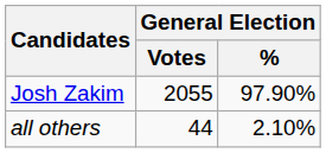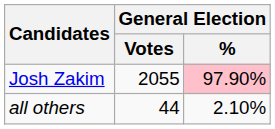 <table class=wikitable>
 <tr>
 <th colspan=1 rowspan=2><strong>Candidates</strong></th>
 <th colspan=2><strong>General Election</strong></th>
 </tr>
 <tr>
 <th>Votes</th>
 <th>%</th>
 </tr>
 <tr>
 <td><a href='#'>Josh Zakim</a></td>
 <td align="right">2055</td>
-<td align="right">97.90%</td>
+<td align="right" style="background: pink;">97.90%</td>
 </tr>
 <tr>
 <td><em>all others</em></td>
 <td align="right">44</td>
 <td align="right">2.10%</td>
 </tr>
 </table>
